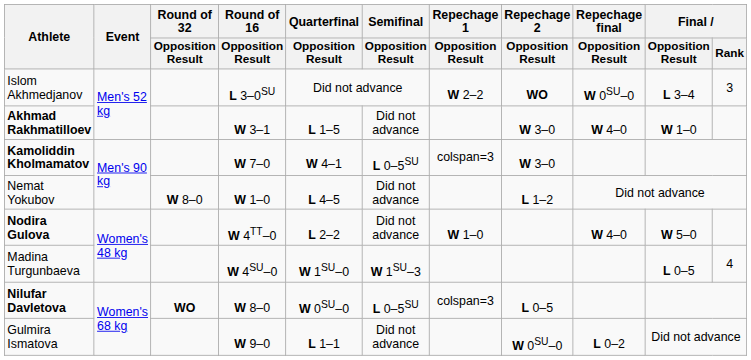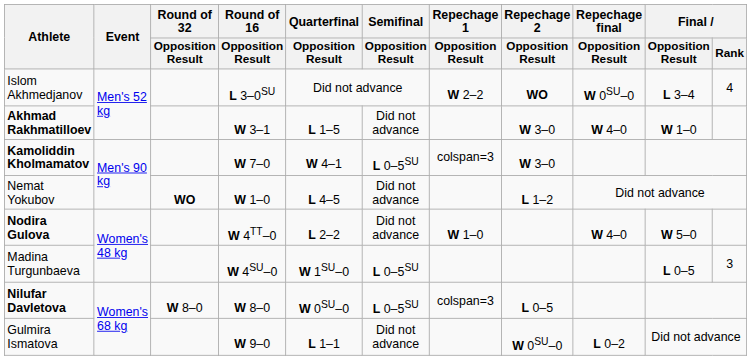 <table class=wikitable style=font-size:90%;text-align:center>
 <tr>
 <th rowspan="2">Athlete</th>
 <th rowspan="2">Event</th>
 <th>Round of 32</th>
 <th>Round of 16</th>
 <th>Quarterfinal</th>
 <th>Semifinal</th>
 <th>Repechage 1</th>
 <th>Repechage 2</th>
 <th>Repechage final</th>
 <th colspan=2>Final / </th>
 </tr>
 <tr style="font-size: 95%">
 <th>Opposition<br>Result</th>
 <th>Opposition<br>Result</th>
 <th>Opposition<br>Result</th>
 <th>Opposition<br>Result</th>
 <th>Opposition<br>Result</th>
 <th>Opposition<br>Result</th>
 <th>Opposition<br>Result</th>
 <th>Opposition<br>Result</th>
 <th>Rank</th>
 </tr>
 <tr>
 <td align=left>Islom Akhmedjanov</td>
 <td align=left rowspan=2><a href='#'>Men's 52 kg</a></td>
 <td></td>
 <td><br><strong>L</strong> 3–0<sup>SU</sup></td>
 <td colspan=2>Did not advance</td>
 <td><br><strong>W</strong> 2–2</td>
 <td><br><strong>WO</strong></td>
 <td><br><strong>W</strong> 0<sup>SU</sup>–0</td>
 <td><br><strong>L</strong> 3–4</td>
-<td>3</td>
+<td>4</td>
 </tr>
 <tr>
 <td align=left><strong>Akhmad Rakhmatilloev</strong></td>
 <td></td>
 <td><br><strong>W</strong> 3–1</td>
 <td><br><strong>L</strong> 1–5</td>
 <td>Did not advance</td>
 <td></td>
 <td><br><strong>W</strong> 3–0</td>
 <td><br><strong>W</strong> 4–0</td>
 <td><br><strong>W</strong> 1–0</td>
 <td></td>
 </tr>
 <tr>
 <td align=left><strong>Kamoliddin Kholmamatov</strong></td>
 <td align=left rowspan=2><a href='#'>Men's 90 kg</a></td>
 <td></td>
 <td><br><strong>W</strong> 7–0</td>
 <td><br><strong>W</strong> 4–1</td>
 <td><br><strong>L</strong> 0–5<sup>SU</sup></td>
 <td>colspan=3 </td>
 <td><br><strong>W</strong> 3–0</td>
 <td></td>
 </tr>
 <tr>
 <td align=left>Nemat Yokubov</td>
-<td><br><strong>W</strong> 8–0</td>
+<td><br><strong>WO</strong></td>
 <td><br><strong>W</strong> 1–0</td>
 <td><br><strong>L</strong> 4–5</td>
 <td>Did not advance</td>
 <td></td>
 <td><br><strong>L</strong> 1–2</td>
 <td colspan=3>Did not advance</td>
 </tr>
 <tr>
 <td align=left><strong>Nodira Gulova</strong></td>
 <td align=left rowspan=2><a href='#'>Women's 48 kg</a></td>
 <td></td>
 <td><br><strong>W</strong> 4<sup>TT</sup>–0</td>
 <td><br><strong>L</strong> 2–2</td>
 <td>Did not advance</td>
 <td><br><strong>W</strong> 1–0</td>
 <td></td>
 <td><br><strong>W</strong> 4–0</td>
 <td><br><strong>W</strong> 5–0</td>
 <td></td>
 </tr>
 <tr>
 <td align=left>Madina Turgunbaeva</td>
 <td></td>
 <td><br><strong>W</strong> 4<sup>SU</sup>–0</td>
 <td><br><strong>W</strong> 1<sup>SU</sup>–0</td>
-<td><br><strong>W</strong> 1<sup>SU</sup>–3</td>
+<td><br><strong>L</strong> 0–5<sup>SU</sup></td>
 <td></td>
 <td></td>
 <td></td>
 <td><br><strong>L</strong> 0–5</td>
-<td>4</td>
+<td>3</td>
 </tr>
 <tr>
 <td align=left><strong>Nilufar Davletova</strong></td>
 <td align=left rowspan=2><a href='#'>Women's 68 kg</a></td>
-<td><br><strong>WO</strong></td>
+<td><br><strong>W</strong> 8–0</td>
 <td><br><strong>W</strong> 8–0</td>
 <td><br><strong>W</strong> 0<sup>SU</sup>–0</td>
 <td><br><strong>L</strong> 0–5<sup>SU</sup></td>
 <td>colspan=3 </td>
 <td><br><strong>L</strong> 0–5</td>
 <td></td>
 </tr>
 <tr>
 <td align=left>Gulmira Ismatova</td>
 <td></td>
 <td><br><strong>W</strong> 9–0</td>
 <td><br><strong>L</strong> 1–1</td>
 <td>Did not advance</td>
 <td></td>
 <td><br><strong>W</strong> 0<sup>SU</sup>–0</td>
 <td><br><strong>L</strong> 0–2</td>
 <td colspan=2>Did not advance</td>
 </tr>
 </table>
